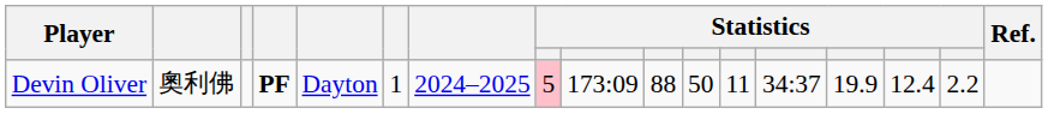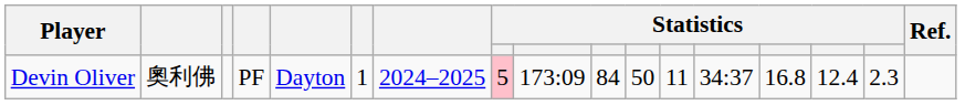 <table class="wikitable sortable" style="font-size:95%; text-align:right;">
 <tr>
 <th rowspan="2">Player</th>
 <th rowspan="2"></th>
 <th rowspan="2"></th>
 <th rowspan="2"></th>
 <th rowspan="2"></th>
 <th rowspan="2"></th>
 <th rowspan="2"></th>
 <th colspan="9">Statistics</th>
 <th rowspan="2">Ref.</th>
 </tr>
 <tr>
 <th></th>
 <th></th>
 <th></th>
 <th></th>
 <th></th>
 <th></th>
 <th></th>
 <th></th>
 <th></th>
 </tr>
 <tr>
 <td align="left"><a href='#'>Devin Oliver</a></td>
 <td align="left">奧利佛</td>
 <td align="center"></td>
-<td align="center"><strong>PF</strong></td>
+<td align="center">PF</td>
 <td align="left"><a href='#'>Dayton</a></td>
 <td align="center">1</td>
 <td align="center"><a href='#'>2024–2025</a></td>
 <td style="background: pink;">5</td>
 <td>173:09</td>
-<td>88</td>
+<td>84</td>
 <td>50</td>
 <td>11</td>
 <td>34:37</td>
-<td>19.9</td>
+<td>16.8</td>
 <td>12.4</td>
-<td>2.2</td>
+<td>2.3</td>
 <td align="center"></td>
 </tr>
 </table>
